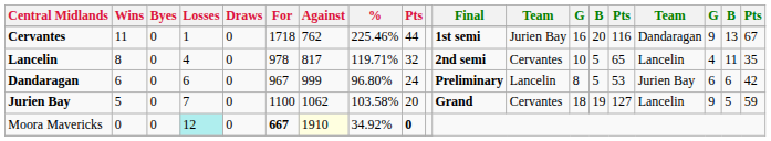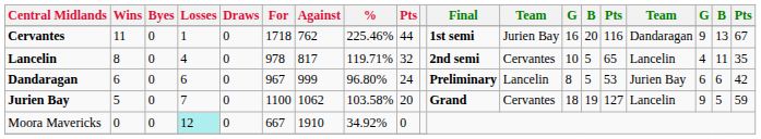 <table style="font-size: 85%; text-align: left;" class="wikitable">
 <tr>
 <th style="color:crimson">Central Midlands</th>
 <th style="color:crimson">Wins</th>
 <th style="color:crimson">Byes</th>
 <th style="color:crimson">Losses</th>
 <th style="color:crimson">Draws</th>
 <th style="color:crimson">For</th>
 <th style="color:crimson">Against</th>
 <th style="color:crimson">%</th>
 <th style="color:crimson">Pts</th>
 <th></th>
 <th style="color:green">Final</th>
 <th style="color:green">Team</th>
 <th style="color:green">G</th>
 <th style="color:green">B</th>
 <th style="color:green">Pts</th>
 <th style="color:green">Team</th>
 <th style="color:green">G</th>
 <th style="color:green">B</th>
 <th style="color:green">Pts</th>
 </tr>
 <tr>
 </tr>
 <tr>
 </tr>
 <tr>
 <td><strong>	Cervantes	</strong></td>
 <td>11</td>
 <td>0</td>
 <td>1</td>
 <td>0</td>
 <td>1718</td>
 <td>762</td>
 <td>225.46%</td>
 <td>44</td>
 <td></td>
 <td><strong>1st semi</strong></td>
 <td>Jurien Bay</td>
 <td>16</td>
 <td>20</td>
 <td>116</td>
 <td>Dandaragan</td>
 <td>9</td>
 <td>13</td>
 <td>67</td>
 </tr>
 <tr>
 <td><strong>	Lancelin	</strong></td>
 <td>8</td>
 <td>0</td>
 <td>4</td>
 <td>0</td>
 <td>978</td>
 <td>817</td>
 <td>119.71%</td>
 <td>32</td>
 <td></td>
 <td><strong>2nd semi</strong></td>
 <td>Cervantes</td>
 <td>10</td>
 <td>5</td>
 <td>65</td>
 <td>Lancelin</td>
 <td>4</td>
 <td>11</td>
 <td>35</td>
 </tr>
 <tr>
 <td><strong>	Dandaragan	</strong></td>
 <td>6</td>
 <td>0</td>
 <td>6</td>
 <td>0</td>
 <td>967</td>
 <td>999</td>
 <td>96.80%</td>
 <td>24</td>
 <td></td>
 <td><strong>Preliminary</strong></td>
 <td>Lancelin</td>
 <td>8</td>
 <td>5</td>
 <td>53</td>
 <td>Jurien Bay</td>
 <td>6</td>
 <td>6</td>
 <td>42</td>
 </tr>
 <tr>
 <td><strong>	Jurien Bay	</strong></td>
 <td>5</td>
 <td>0</td>
 <td>7</td>
 <td>0</td>
 <td>1100</td>
 <td>1062</td>
 <td>103.58%</td>
 <td>20</td>
 <td></td>
 <td><strong>Grand</strong></td>
 <td>Cervantes</td>
 <td>18</td>
 <td>19</td>
 <td>127</td>
 <td>Lancelin</td>
 <td>9</td>
 <td>5</td>
 <td>59</td>
 </tr>
 <tr>
 <td>Moora Mavericks</td>
 <td>0</td>
 <td>0</td>
 <td style="background: paleturquoise;">12</td>
 <td>0</td>
-<td><strong>667</strong></td>
-<td style="background: lightyellow;">1910</td>
+<td>667</td>
+<td>1910</td>
 <td>34.92%</td>
-<td><strong>0</strong></td>
+<td>0</td>
 <td></td>
 </tr>
 <tr>
 </tr>
 </table>
